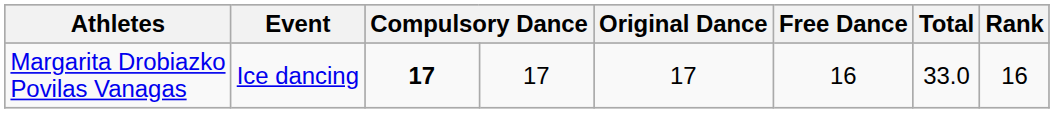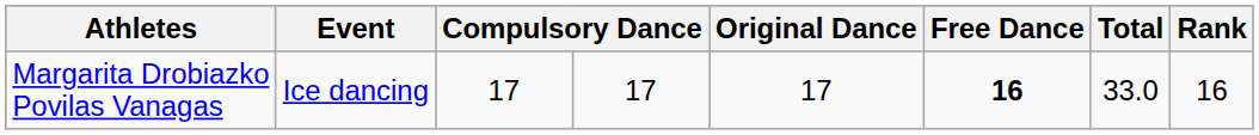 <table class="wikitable" border="1" style="font-size:90%">
 <tr>
 <th>Athletes</th>
 <th>Event</th>
 <th colspan="2">Compulsory Dance</th>
 <th>Original Dance</th>
 <th>Free Dance</th>
 <th>Total</th>
 <th>Rank</th>
 </tr>
 <tr align=center>
 <td align=left><a href='#'>Margarita Drobiazko</a><br><a href='#'>Povilas Vanagas</a></td>
 <td><a href='#'>Ice dancing</a></td>
-<td><strong>17</strong></td>
 <td>17</td>
 <td>17</td>
-<td>16</td>
+<td>17</td>
+<td><strong>16</strong></td>
 <td>33.0</td>
 <td>16</td>
 </tr>
 </table>
